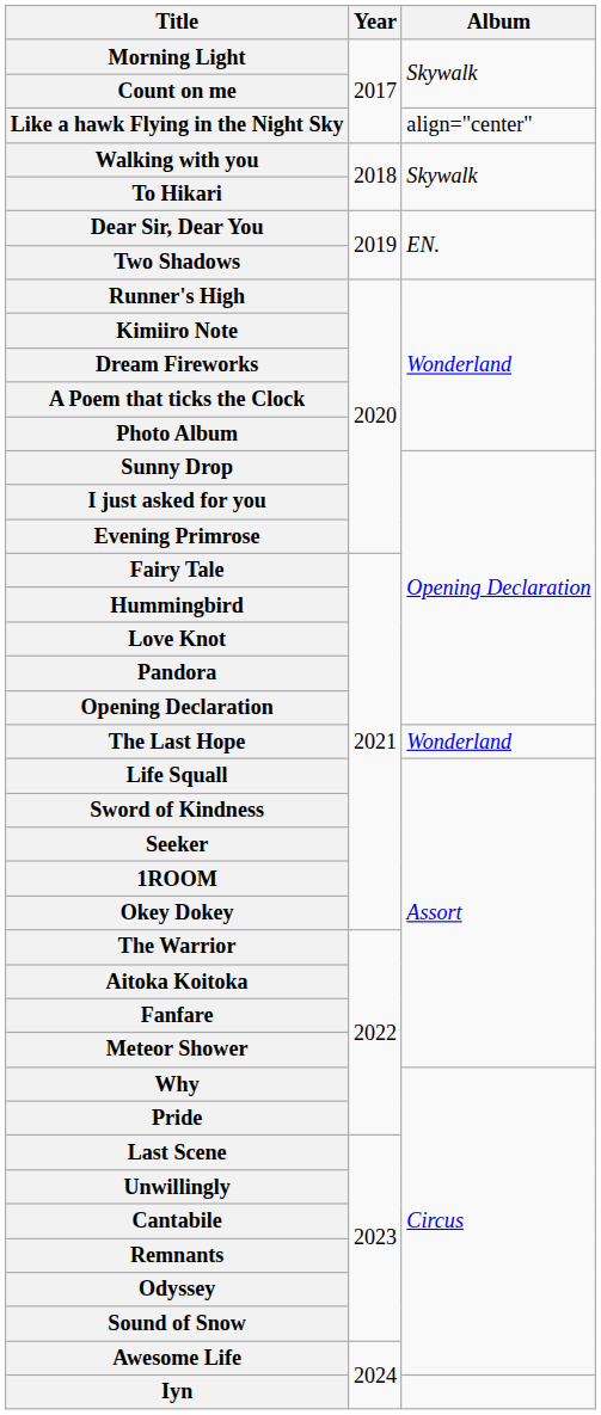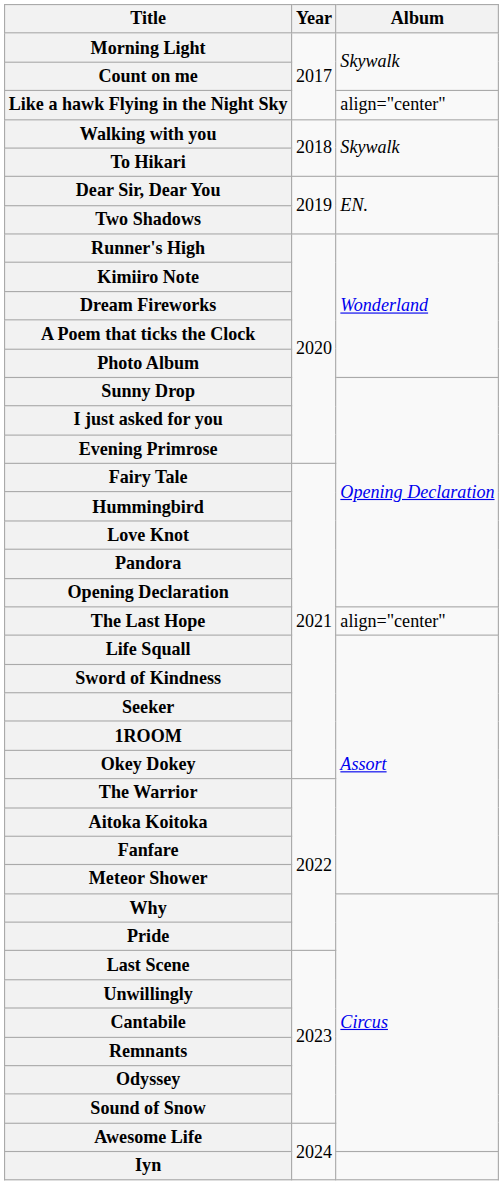 <table class="wikitable plainrowheaders">
 <tr>
 <th scope="col">Title</th>
 <th scope="col">Year</th>
 <th scope="col">Album</th>
 </tr>
 <tr>
 <th scope="row">Morning Light</th>
 <td rowspan="3">2017</td>
 <td rowspan="2"><em>Skywalk</em></td>
 </tr>
 <tr>
 <th scope="row">Count on me</th>
 </tr>
 <tr>
 <th scope="row">Like a hawk Flying in the Night Sky</th>
 <td>align="center" </td>
 </tr>
 <tr>
 <th scope="row">Walking with you</th>
 <td rowspan="2">2018</td>
 <td rowspan="2"><em>Skywalk</em></td>
 </tr>
 <tr>
 <th scope="row">To Hikari</th>
 </tr>
 <tr>
 <th scope="row">Dear Sir, Dear You</th>
 <td rowspan="2">2019</td>
 <td rowspan="2"><em>EN.</em></td>
 </tr>
 <tr>
 <th scope="row">Two Shadows</th>
 </tr>
 <tr>
 <th scope="row">Runner's High</th>
 <td rowspan="8">2020</td>
 <td rowspan="5"><em><a href='#'>Wonderland</a></em></td>
 </tr>
 <tr>
 <th scope="row">Kimiiro Note</th>
 </tr>
 <tr>
 <th scope="row">Dream Fireworks</th>
 </tr>
 <tr>
 <th scope="row">A Poem that ticks the Clock</th>
 </tr>
 <tr>
 <th scope="row">Photo Album</th>
 </tr>
 <tr>
 <th scope="row">Sunny Drop</th>
 <td rowspan="8"><em><a href='#'>Opening Declaration</a></em></td>
 </tr>
 <tr>
 <th scope="row">I just asked for you</th>
 </tr>
 <tr>
 <th scope="row">Evening Primrose</th>
 </tr>
 <tr>
 <th scope="row">Fairy Tale</th>
 <td rowspan="11">2021</td>
 </tr>
 <tr>
 <th scope="row">Hummingbird</th>
 </tr>
 <tr>
 <th scope="row">Love Knot</th>
 </tr>
 <tr>
 <th scope="row">Pandora</th>
 </tr>
 <tr>
 <th scope="row">Opening Declaration</th>
 </tr>
 <tr>
 <th scope="row">The Last Hope</th>
-<td><em><a href='#'>Wonderland</a></em></td>
+<td>align="center" </td>
 </tr>
 <tr>
 <th scope="row">Life Squall</th>
 <td rowspan="9"><em><a href='#'>Assort</a></em></td>
 </tr>
 <tr>
 <th scope="row">Sword of Kindness</th>
 </tr>
 <tr>
 <th scope="row">Seeker</th>
 </tr>
 <tr>
 <th scope="row">1ROOM</th>
 </tr>
 <tr>
 <th scope="row">Okey Dokey</th>
 </tr>
 <tr>
 <th scope="row">The Warrior</th>
 <td rowspan="6">2022</td>
 </tr>
 <tr>
 <th scope="row">Aitoka Koitoka</th>
 </tr>
 <tr>
 <th scope="row">Fanfare</th>
 </tr>
 <tr>
 <th scope="row">Meteor Shower</th>
 </tr>
 <tr>
 <th scope="row">Why</th>
 <td rowspan="9"><em><a href='#'>Circus</a></em></td>
 </tr>
 <tr>
 <th scope="row">Pride</th>
 </tr>
 <tr>
 <th scope="row">Last Scene</th>
 <td rowspan="6">2023</td>
 </tr>
 <tr>
 <th scope="row">Unwillingly</th>
 </tr>
 <tr>
 <th scope="row">Cantabile</th>
 </tr>
 <tr>
 <th scope="row">Remnants</th>
 </tr>
 <tr>
 <th scope="row">Odyssey</th>
 </tr>
 <tr>
 <th scope="row">Sound of Snow</th>
 </tr>
 <tr>
 <th scope="row">Awesome Life</th>
 <td rowspan="2">2024</td>
 </tr>
 <tr>
 <th scope="row">Iyn</th>
 <td></td>
 </tr>
 </table>
